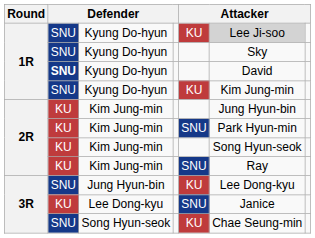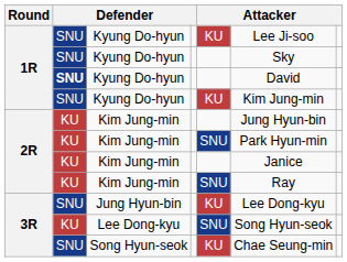 <table class="wikitable" style="text-align:center">
 <tr>
 <th scope="col">Round</th>
 <th scope="col" colspan="3">Defender</th>
 <th scope="col" colspan="3">Attacker</th>
 </tr>
 <tr>
 <th scope="row" rowspan="4">1R</th>
 <td style="background-color:#153888; color:white">SNU</td>
 <td>Kyung Do-hyun</td>
 <td></td>
 <td style="background-color:#BF3B3C; color:white">KU</td>
-<td style="background: lightgrey;">Lee Ji-soo</td>
+<td>Lee Ji-soo</td>
 <td></td>
 </tr>
 <tr>
 <td style="background-color:#153888; color:white">SNU</td>
 <td>Kyung Do-hyun</td>
 <td></td>
 <td> </td>
 <td>Sky</td>
 <td></td>
 </tr>
 <tr>
 <td style="background-color:#153888; color:white"><strong>SNU</strong></td>
 <td>Kyung Do-hyun</td>
 <td></td>
 <td> </td>
 <td>David</td>
 <td></td>
 </tr>
 <tr>
 <td style="background-color:#153888; color:white">SNU</td>
 <td>Kyung Do-hyun</td>
 <td></td>
 <td style="background-color:#BF3B3C; color:white">KU</td>
 <td>Kim Jung-min</td>
 <td></td>
 </tr>
 <tr>
 <th scope="row" rowspan="4">2R</th>
 <td style="background-color:#BF3B3C; color:white">KU</td>
 <td>Kim Jung-min</td>
 <td></td>
 <td> </td>
 <td>Jung Hyun-bin</td>
 <td></td>
 </tr>
 <tr>
 <td style="background-color:#BF3B3C; color:white">KU</td>
 <td>Kim Jung-min</td>
 <td></td>
 <td style="background-color:#153888; color:white">SNU</td>
 <td>Park Hyun-min</td>
 <td></td>
 </tr>
 <tr>
 <td style="background-color:#BF3B3C; color:white">KU</td>
 <td>Kim Jung-min</td>
 <td></td>
 <td> </td>
-<td>Song Hyun-seok</td>
+<td>Janice</td>
 <td></td>
 </tr>
 <tr>
 <td style="background-color:#BF3B3C; color:white">KU</td>
 <td>Kim Jung-min</td>
 <td></td>
 <td style="background-color:#153888; color:white">SNU</td>
 <td>Ray</td>
 <td></td>
 </tr>
 <tr>
 <th scope="row" rowspan="3">3R</th>
 <td style="background-color:#153888; color:white">SNU</td>
 <td>Jung Hyun-bin</td>
 <td></td>
 <td style="background-color:#BF3B3C; color:white">KU</td>
 <td>Lee Dong-kyu</td>
 <td></td>
 </tr>
 <tr>
 <td style="background-color:#BF3B3C; color:white">KU</td>
 <td>Lee Dong-kyu</td>
 <td></td>
 <td style="background-color:#153888; color:white">SNU</td>
-<td>Janice</td>
+<td>Song Hyun-seok</td>
 <td></td>
 </tr>
 <tr>
 <td style="background-color:#153888; color:white">SNU</td>
 <td>Song Hyun-seok</td>
 <td></td>
 <td style="background-color:#BF3B3C; color:white">KU</td>
 <td>Chae Seung-min</td>
 <td></td>
 </tr>
 </table>
